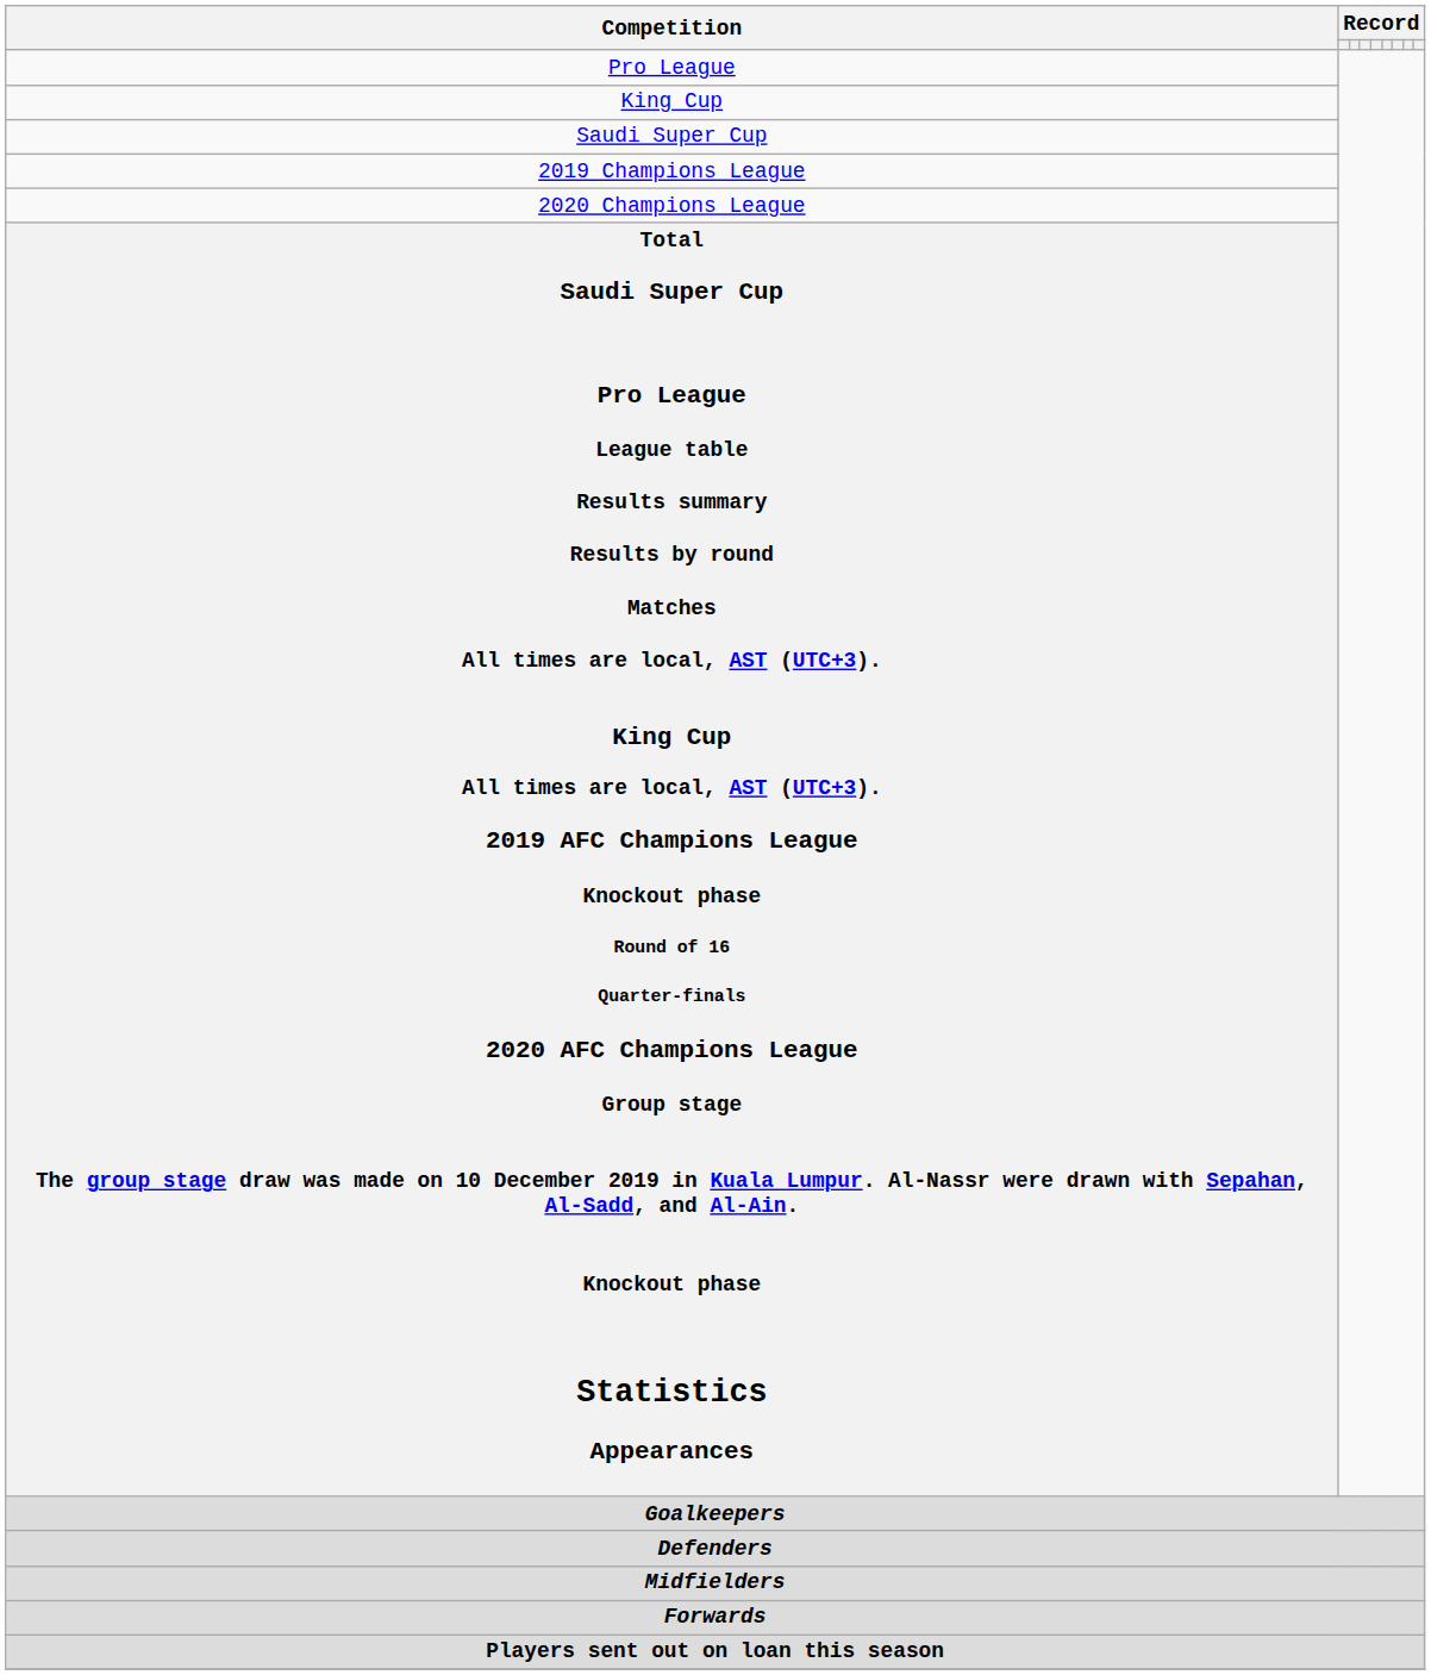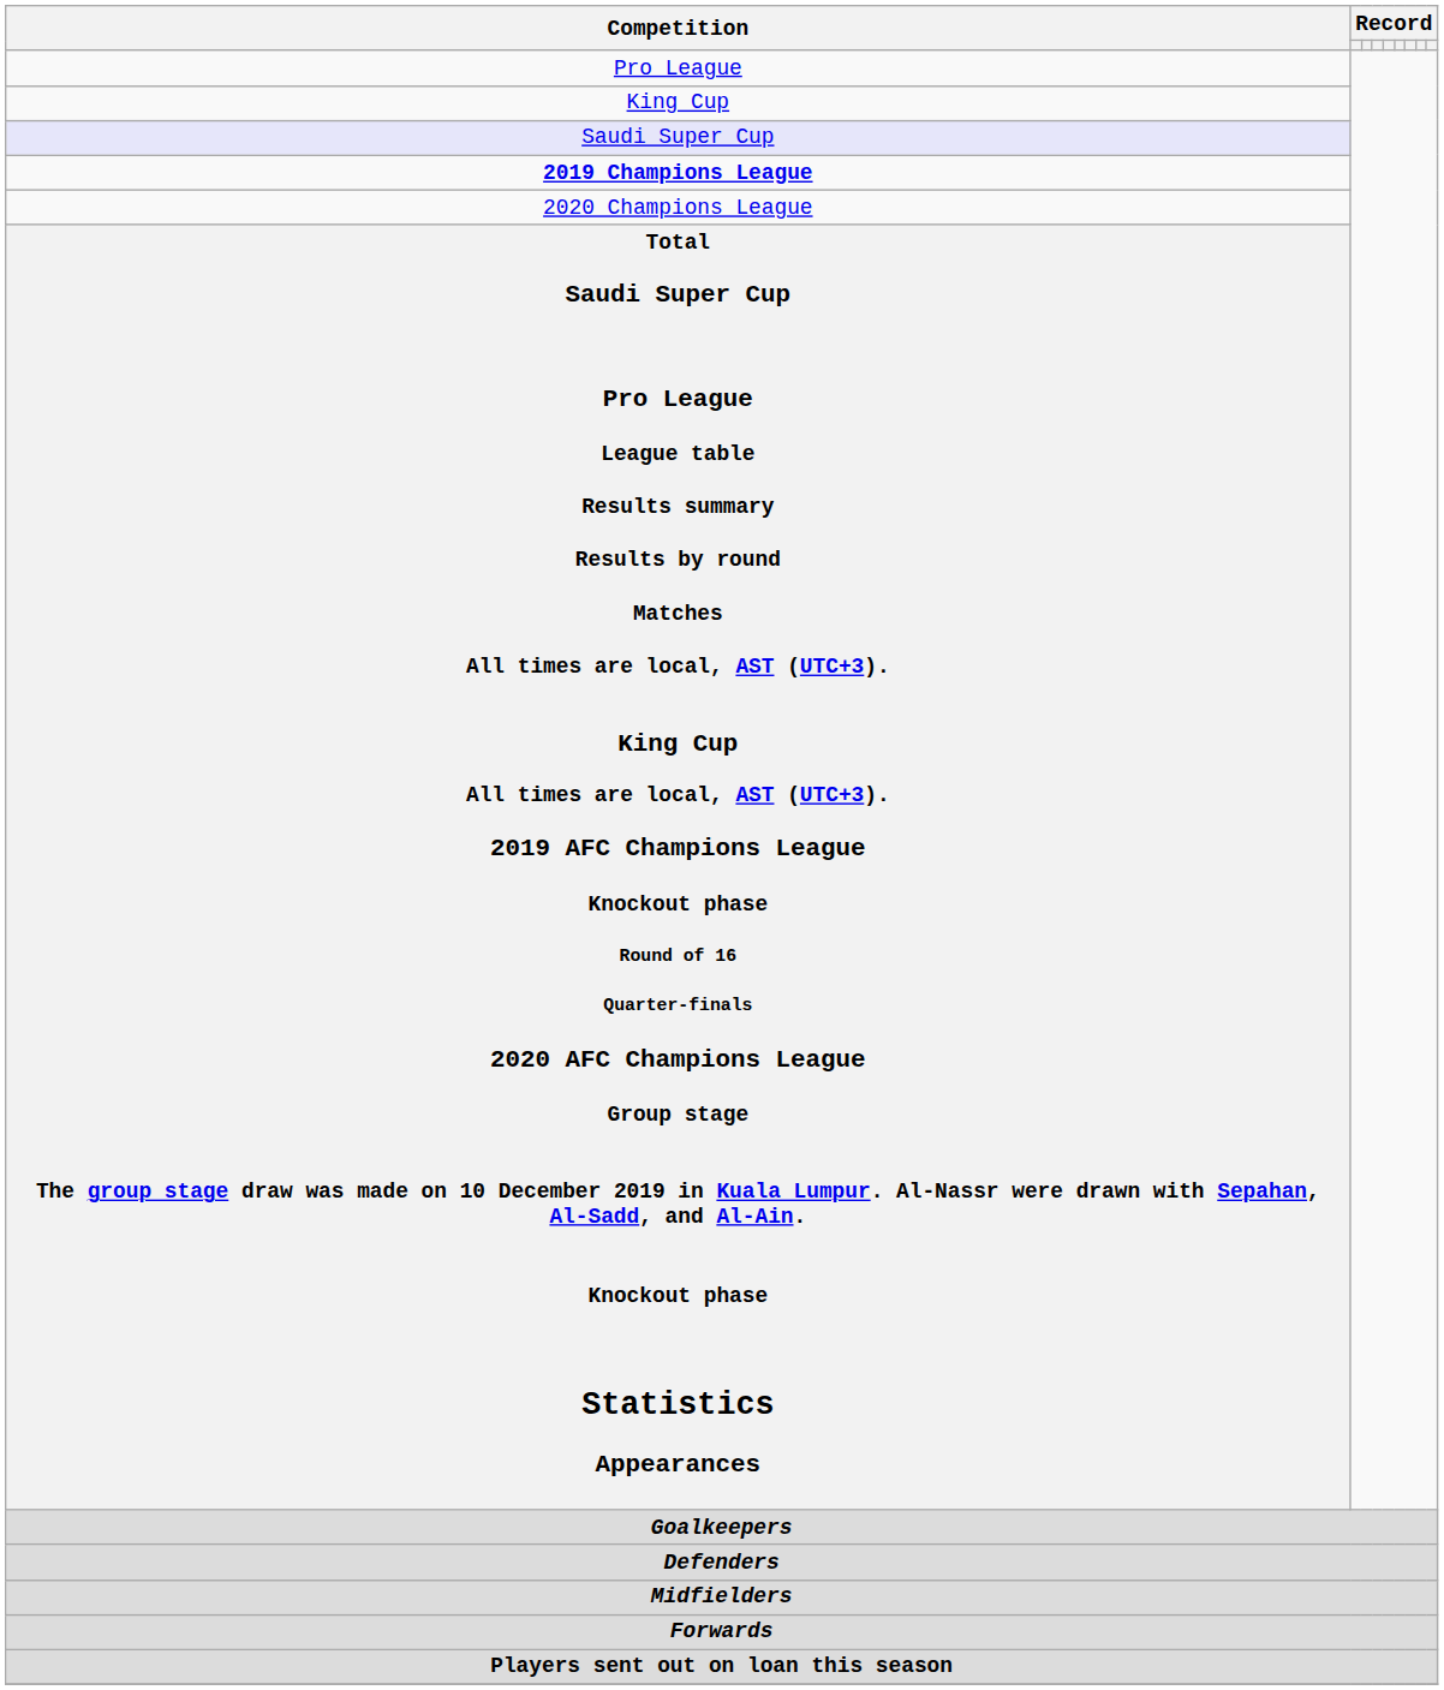 <table class="wikitable" style="text-align: center">
 <tr>
 <th rowspan=2>Competition</th>
 <th colspan=8>Record</th>
 </tr>
 <tr>
 <th></th>
 <th></th>
 <th></th>
 <th></th>
 <th></th>
 <th></th>
 <th></th>
 <th></th>
 </tr>
 <tr>
 <td><a href='#'>Pro League</a><br></td>
 </tr>
 <tr>
 <td><a href='#'>King Cup</a><br></td>
 </tr>
 <tr>
-<td><a href='#'>Saudi Super Cup</a><br></td>
+<td style="background: lavender;"><a href='#'>Saudi Super Cup</a><br></td>
 </tr>
 <tr>
-<td><a href='#'>2019 Champions League</a><br></td>
+<td><strong><a href='#'>2019 Champions League</a><br></strong></td>
 </tr>
 <tr>
 <td><a href='#'>2020 Champions League</a><br></td>
 </tr>
 <tr>
 <th>Total<br> <h3>Saudi Super Cup</h3><br><h3>Pro League</h3><h4>League table</h4><h4>Results summary</h4> <h4>Results by round</h4><h4>Matches</h4>All times are local, <a href='#'>AST</a> (<a href='#'>UTC+3</a>).<br>   <br>                              <h3>King Cup</h3> All times are local, <a href='#'>AST</a> (<a href='#'>UTC+3</a>).<br>     <h3>2019 AFC Champions League</h3><h4>Knockout phase</h4><h5>Round of 16</h5> <h5>Quarter-finals</h5> <h3>2020 AFC Champions League</h3><h4>Group stage</h4><br>The <a href='#'>group stage</a> draw was made on 10 December 2019 in <a href='#'>Kuala Lumpur</a>. Al-Nassr were drawn with <a href='#'>Sepahan</a>, <a href='#'>Al-Sadd</a>, and <a href='#'>Al-Ain</a>. <br>     <br><h4>Knockout phase</h4><br>  <h2>Statistics</h2><h3>Appearances</h3></th>
 </tr>
 <tr>
 <th colspan=16 style=background:#dcdcdc; text-align:center><em>Goalkeepers</em><br>   </th>
 </tr>
 <tr>
 <th colspan=16 style=background:#dcdcdc; text-align:center><em>Defenders</em><br>           </th>
 </tr>
 <tr>
 <th colspan=16 style=background:#dcdcdc; text-align:center><em>Midfielders</em><br>                 </th>
 </tr>
 <tr>
 <th colspan=16 style=background:#dcdcdc; text-align:center><em>Forwards</em><br>    </th>
 </tr>
 <tr>
 <th colspan=16 style=background:#dcdcdc; text-align:center>Players sent out on loan this season<br>  </th>
 </tr>
 <tr>
 </tr>
 </table>
